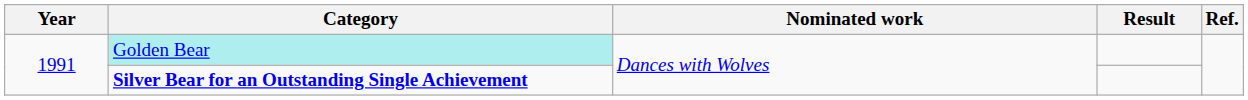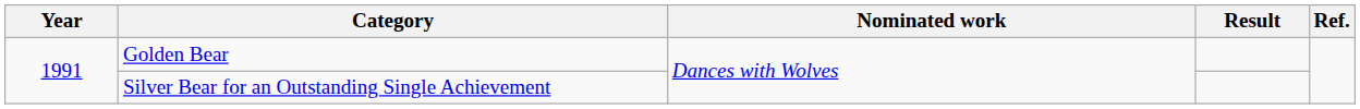 <table class=wikitable>
 <tr>
 <th scope="col" style="width:5em;">Year</th>
 <th scope="col" style="width:26em;">Category</th>
 <th scope="col" style="width:25em;">Nominated work</th>
 <th scope="col" style="width:5em;">Result</th>
 <th>Ref.</th>
 </tr>
 <tr>
 <td style="text-align:center;", rowspan="2"><a href='#'>1991</a></td>
-<td style="background: paleturquoise;"><a href='#'>Golden Bear</a></td>
+<td><a href='#'>Golden Bear</a></td>
 <td rowspan="2"><em><a href='#'>Dances with Wolves</a></em></td>
 <td></td>
 <td rowspan="2"></td>
 </tr>
 <tr>
-<td><strong><a href='#'>Silver Bear for an Outstanding Single Achievement</a></strong></td>
+<td><a href='#'>Silver Bear for an Outstanding Single Achievement</a></td>
 <td></td>
 </tr>
 </table>
